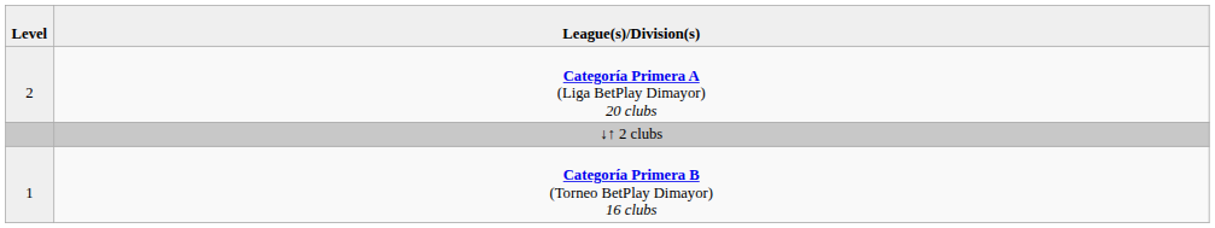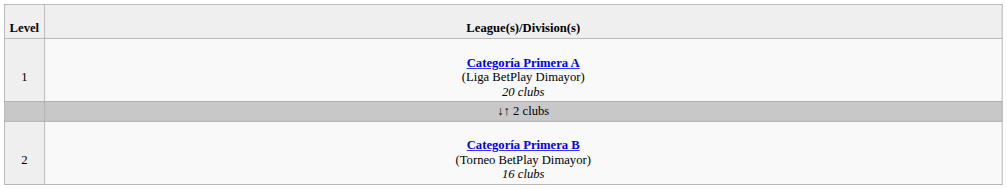 <table class="wikitable" style="text-align:center; width:100%;">
 <tr style="background:#efefef;">
 <td style="width:4%; text-align:center;"><br><strong>Level</strong></td>
 <td colspan="12"  style="width:96%; text-align:center;"><br><strong>League(s)/Division(s)</strong></td>
 </tr>
 <tr>
-<td style="text-align:center; width:4%; background:#efefef;"><br>2</td>
+<td style="text-align:center; width:4%; background:#efefef;"><br>1</td>
 <td colspan="12"  style="width:96%; text-align:center;"><br><strong><a href='#'>Categoría Primera A</a></strong><br> (Liga BetPlay Dimayor)<br> <em>20 clubs</em><br></td>
 </tr>
 <tr style="background:#c8c8c8">
 <td style="width:4%;"></td>
 <td colspan="9" style="width:96%;">↓↑ 2 clubs</td>
 </tr>
 <tr>
-<td style="text-align:center; width:4%; background:#efefef;"><br>1</td>
+<td style="text-align:center; width:4%; background:#efefef;"><br>2</td>
 <td colspan="12"  style="width:96%; text-align:center;"><br><strong><a href='#'>Categoría Primera B</a></strong><br>(Torneo BetPlay Dimayor)<br> <em>16 clubs</em><br></td>
 </tr>
 </table>
